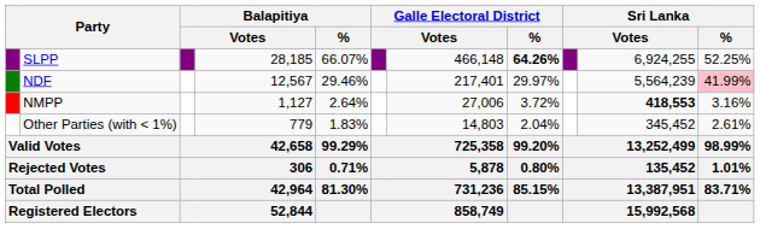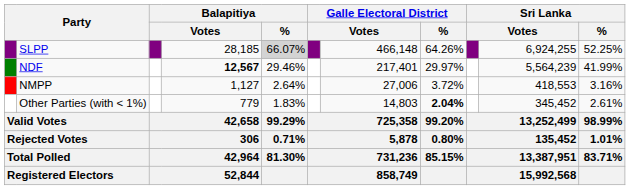 <table class="wikitable">
 <tr>
 <th colspan="2" width="144px"rowspan="2">Party</th>
 <th colspan="3" width="216px">Balapitiya</th>
 <th colspan="3" width="216px"><a href='#'>Galle Electoral District</a></th>
 <th colspan="3" width="216px">Sri Lanka</th>
 </tr>
 <tr>
 <th colspan="2" width="144px">Votes</th>
 <th>%</th>
 <th colspan="2" width="144px">Votes</th>
 <th>%</th>
 <th colspan="2" width="144px">Votes</th>
 <th>%</th>
 </tr>
 <tr>
 <td style="background-color:purple;" width="10px"></td>
 <td style="text-align:left;"><a href='#'>SLPP</a></td>
 <td style="background-color:purple;" width="10px"></td>
 <td style="text-align:right;">28,185</td>
-<td style="text-align:right;">66.07%</td>
+<td style="background: lightgrey; text-align:right;">66.07%</td>
 <td style="background-color:purple;" width="10px"></td>
 <td style="text-align:right;">466,148</td>
-<td style="text-align:right;"><strong>64.26%</strong></td>
+<td style="text-align:right;">64.26%</td>
 <td style="background-color:purple;" width="10px"></td>
 <td style="text-align:right;">6,924,255</td>
 <td style="text-align:right;">52.25%</td>
 </tr>
 <tr>
 <td style="background-color:green;" width="10px"></td>
 <td style="text-align:left;"><a href='#'>NDF</a></td>
 <td style="background-color:white;" width="10px"></td>
-<td style="text-align:right;">12,567</td>
+<td style="text-align:right;"><strong>12,567</strong></td>
 <td style="text-align:right;">29.46%</td>
 <td style="background-color:white;" width="10px"></td>
 <td style="text-align:right;">217,401</td>
 <td style="text-align:right;">29.97%</td>
 <td style="background-color:white;" width="10px"></td>
 <td style="text-align:right;">5,564,239</td>
-<td style="background: pink; text-align:right;">41.99%</td>
+<td style="text-align:right;">41.99%</td>
 </tr>
 <tr>
 <td style="background-color:red;" width="10px"></td>
 <td style="text-align:left;">NMPP</td>
 <td style="background-color:white;" width="10px"></td>
 <td style="text-align:right;">1,127</td>
 <td style="text-align:right;">2.64%</td>
 <td style="background-color:white;" width="10px"></td>
 <td style="text-align:right;">27,006</td>
 <td style="text-align:right;">3.72%</td>
 <td style="background-color:white;" width="10px"></td>
-<td style="text-align:right;"><strong>418,553</strong></td>
+<td style="text-align:right;">418,553</td>
 <td style="text-align:right;">3.16%</td>
 </tr>
 <tr>
 <td style="background-color:white;" width="10px"></td>
 <td style="text-align:left;">Other Parties (with < 1%)</td>
 <td style="background-color:white;" width="10px"></td>
 <td style="text-align:right;">779</td>
 <td style="text-align:right;">1.83%</td>
 <td style="background-color:white;" width="10px"></td>
 <td style="text-align:right;">14,803</td>
-<td style="text-align:right;">2.04%</td>
+<td style="text-align:right;"><strong>2.04%</strong></td>
 <td style="background-color:white;" width="10px"></td>
 <td style="text-align:right;">345,452</td>
 <td style="text-align:right;">2.61%</td>
 </tr>
 <tr>
 <th colspan="2" width="144px"style="text-align:left;">Valid Votes</th>
 <th style="text-align:right;"colspan="2" width="144px">42,658</th>
 <th style="text-align:right;">99.29%</th>
 <th style="text-align:right;"colspan="2" width="144px">725,358</th>
 <th style="text-align:right;">99.20%</th>
 <th style="text-align:right;"colspan="2" width="144px">13,252,499</th>
 <th style="text-align:right;">98.99%</th>
 </tr>
 <tr>
 <th colspan="2" width="144px"style="text-align:left;">Rejected Votes</th>
 <th style="text-align:right;"colspan="2" width="144px">306</th>
 <th style="text-align:right;">0.71%</th>
 <th style="text-align:right;"colspan="2" width="144px">5,878</th>
 <th style="text-align:right;">0.80%</th>
 <th style="text-align:right;"colspan="2" width="144px">135,452</th>
 <th style="text-align:right;">1.01%</th>
 </tr>
 <tr>
 <th colspan="2" width="144px"style="text-align:left;">Total Polled</th>
 <th style="text-align:right;"colspan="2" width="144px">42,964</th>
 <th style="text-align:right;">81.30%</th>
 <th style="text-align:right;"colspan="2" width="144px">731,236</th>
 <th style="text-align:right;">85.15%</th>
 <th style="text-align:right;"colspan="2" width="144px">13,387,951</th>
 <th style="text-align:right;">83.71%</th>
 </tr>
 <tr>
 <th colspan="2" width="144px"style="text-align:left;">Registered Electors</th>
 <th style="text-align:right;"colspan="2" width="144px">52,844</th>
 <th></th>
 <th style="text-align:right;"colspan="2" width="144px">858,749</th>
 <th></th>
 <th style="text-align:right;"colspan="2" width="144px">15,992,568</th>
 <th></th>
 </tr>
 </table>
